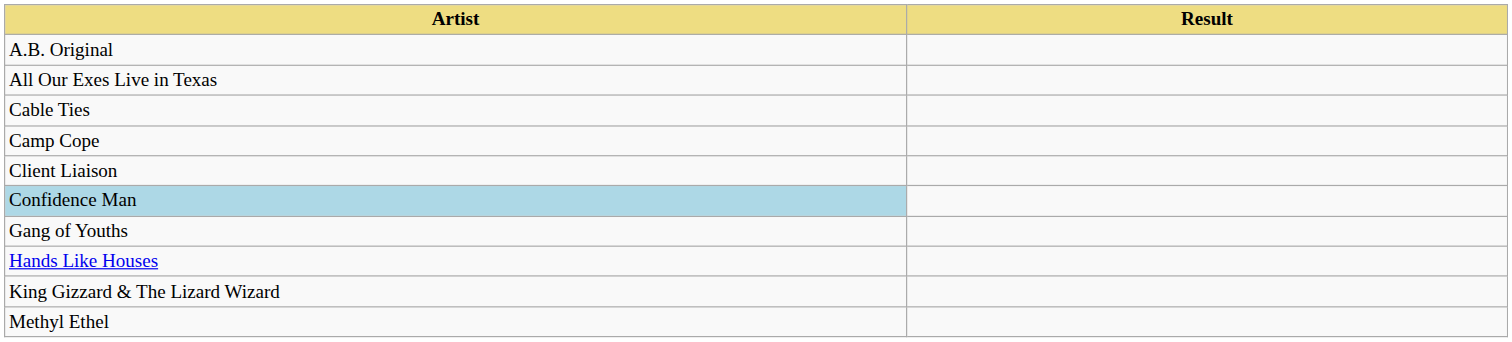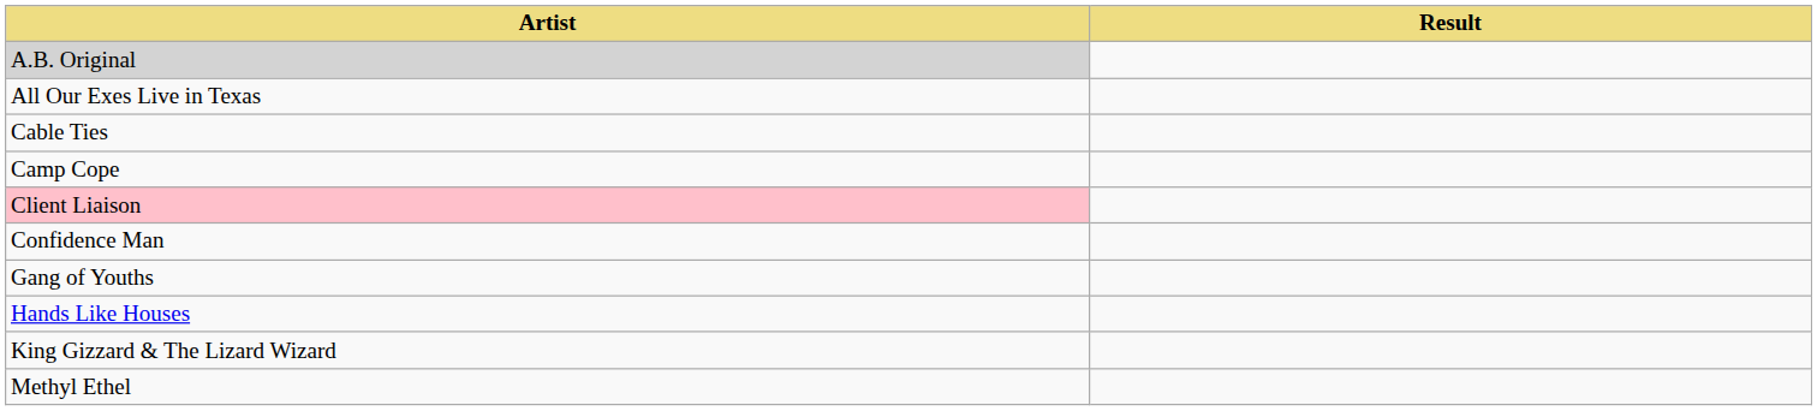 <table class="wikitable" width=100%>
 <tr>
 <th style="width:15%;background:#EEDD82;">Artist</th>
 <th style="width:10%;background:#EEDD82;">Result</th>
 </tr>
 <tr>
-<td>A.B. Original</td>
+<td style="background: lightgrey;">A.B. Original</td>
 <td></td>
 </tr>
 <tr>
 <td>All Our Exes Live in Texas</td>
 <td></td>
 </tr>
 <tr>
 <td>Cable Ties</td>
 <td></td>
 </tr>
 <tr>
 <td>Camp Cope</td>
 <td></td>
 </tr>
 <tr>
-<td>Client Liaison</td>
+<td style="background: pink;">Client Liaison</td>
 <td></td>
 </tr>
 <tr>
-<td style="background: lightblue;">Confidence Man</td>
+<td>Confidence Man</td>
 <td></td>
 </tr>
 <tr>
 <td>Gang of Youths</td>
 <td></td>
 </tr>
 <tr>
 <td><a href='#'>Hands Like Houses</a></td>
 <td></td>
 </tr>
 <tr>
 <td>King Gizzard & The Lizard Wizard</td>
 <td></td>
 </tr>
 <tr>
 <td>Methyl Ethel</td>
 <td></td>
 </tr>
 </table>
